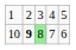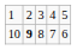 <table class="wikitable">
 <tr>
 <td>1</td>
 <td>2</td>
 <td>3</td>
 <td>4</td>
 <td>5</td>
 </tr>
 <tr>
 <td>10</td>
 <td><strong>9</strong></td>
-<td style="background: lightgreen;">8</td>
+<td>8</td>
 <td>7</td>
 <td>6</td>
 </tr>
 </table>
